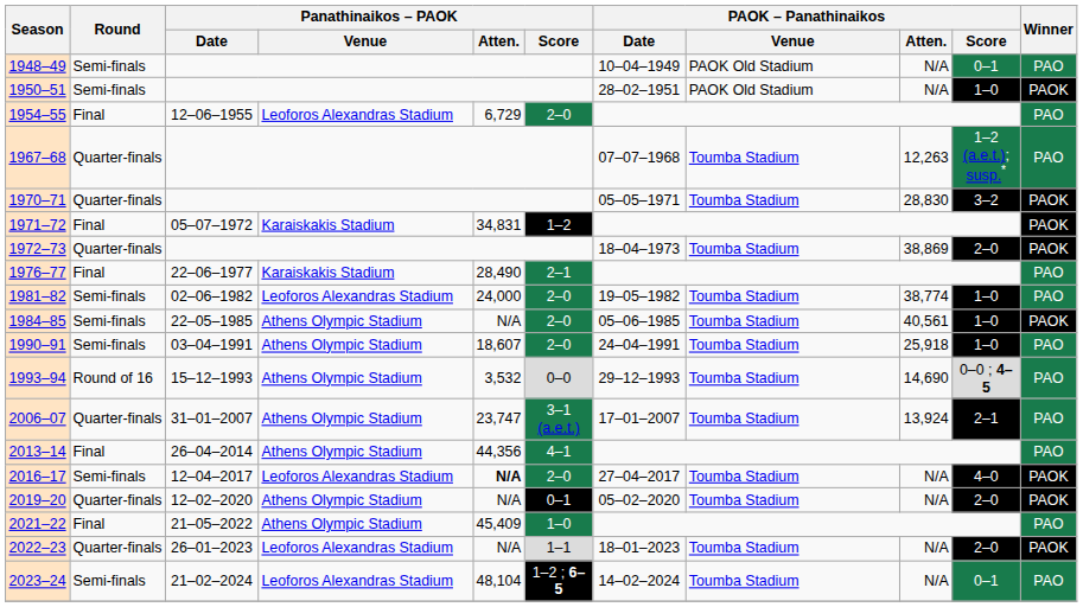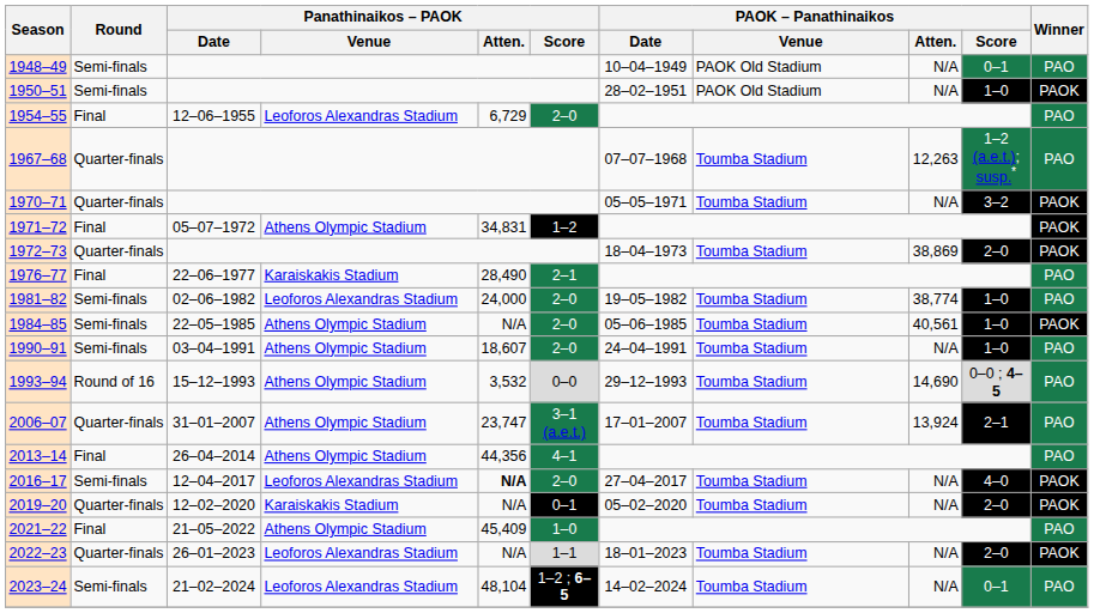 <table class="wikitable" style="text-align: center; font-size: 12px">
 <tr bgcolor=#f5f5f5>
 <th rowspan=2>Season</th>
 <th rowspan=2>Round</th>
 <th colspan=4>Panathinaikos – PAOK</th>
 <th colspan=4>PAOK – Panathinaikos</th>
 <th rowspan=2>Winner</th>
 </tr>
 <tr>
 <th width="70">Date</th>
 <th width="170">Venue</th>
 <th width="30">Atten.</th>
 <th width="50">Score</th>
 <th width="70">Date</th>
 <th width="170">Venue</th>
 <th width="30">Atten.</th>
 <th width="50">Score</th>
 </tr>
 <tr>
 <td bgcolor=#ffe4c4><a href='#'>1948–49</a></td>
 <td align="left">Semi-finals</td>
 <td colspan="4"></td>
 <td>10–04–1949</td>
 <td align="left">PAOK Old Stadium</td>
 <td align="right">N/A</td>
 <td align="center" style="color:white;background:#187B4C">0–1</td>
 <td align="center" style="color:white;background:#187B4C">PAO</td>
 </tr>
 <tr>
 <td bgcolor=#ffe4c4><a href='#'>1950–51</a></td>
 <td align="left">Semi-finals</td>
 <td colspan="4"></td>
 <td>28–02–1951</td>
 <td align="left">PAOK Old Stadium</td>
 <td align="right">N/A</td>
 <td align="center" style="color:white;background:#000000">1–0</td>
 <td align="center" style="color:white;background:#000000">PAOK</td>
 </tr>
 <tr>
 <td bgcolor=#ffe4c4><a href='#'>1954–55</a></td>
 <td align="left">Final</td>
 <td>12–06–1955</td>
 <td align="left"><a href='#'>Leoforos Alexandras Stadium</a></td>
 <td align="right">6,729</td>
 <td align="center" style="color:white;background:#187B4C">2–0</td>
 <td colspan="4"></td>
 <td align="center" style="color:white;background:#187B4C">PAO</td>
 </tr>
 <tr>
 <td bgcolor=#ffe4c4><a href='#'>1967–68</a></td>
 <td align="left">Quarter-finals</td>
 <td colspan="4"></td>
 <td>07–07–1968</td>
 <td align="left"><a href='#'>Toumba Stadium</a></td>
 <td align="right">12,263</td>
 <td align="center" style="color:white;background:#187B4C">1–2 <a href='#'><span>(a.e.t.)</span></a>; <a href='#'><span>susp.</span></a><sup>*</sup></td>
 <td align="center" style="color:white;background:#187B4C">PAO</td>
 </tr>
 <tr>
 <td bgcolor=#ffe4c4><a href='#'>1970–71</a></td>
 <td align="left">Quarter-finals</td>
 <td colspan="4"></td>
 <td>05–05–1971</td>
 <td align="left"><a href='#'>Toumba Stadium</a></td>
-<td align="right">28,830</td>
+<td align="right">N/A</td>
 <td align="center" style="color:white;background:#000000">3–2</td>
 <td align="center" style="color:white;background:#000000">PAOK</td>
 </tr>
 <tr>
 <td bgcolor=#ffe4c4><a href='#'>1971–72</a></td>
 <td align="left">Final</td>
 <td>05–07–1972</td>
-<td align="left"><a href='#'>Karaiskakis Stadium</a></td>
+<td align="left"><a href='#'>Athens Olympic Stadium</a></td>
 <td align="right">34,831</td>
 <td align="center" style="color:white;background:#000000">1–2</td>
 <td colspan="4"></td>
 <td align="center" style="color:white;background:#000000">PAOK</td>
 </tr>
 <tr>
 <td bgcolor=#ffe4c4><a href='#'>1972–73</a></td>
 <td align="left">Quarter-finals</td>
 <td colspan="4"></td>
 <td>18–04–1973</td>
 <td align="left"><a href='#'>Toumba Stadium</a></td>
 <td align="right">38,869</td>
 <td align="center" style="color:white;background:#000000">2–0</td>
 <td align="center" style="color:white;background:#000000">PAOK</td>
 </tr>
 <tr>
 <td bgcolor=#ffe4c4><a href='#'>1976–77</a></td>
 <td align="left">Final</td>
 <td>22–06–1977</td>
 <td align="left"><a href='#'>Karaiskakis Stadium</a></td>
 <td align="right">28,490</td>
 <td align="center" style="color:white;background:#187B4C">2–1</td>
 <td colspan="4"></td>
 <td align="center" style="color:white;background:#187B4C">PAO</td>
 </tr>
 <tr>
 <td bgcolor=#ffe4c4><a href='#'>1981–82</a></td>
 <td align="left">Semi-finals</td>
 <td>02–06–1982</td>
 <td align="left"><a href='#'>Leoforos Alexandras Stadium</a></td>
 <td align="right">24,000</td>
 <td align="center" style="color:white;background:#187B4C">2–0</td>
 <td>19–05–1982</td>
 <td align="left"><a href='#'>Toumba Stadium</a></td>
 <td align="right">38,774</td>
 <td align="center" style="color:white;background:#000000">1–0</td>
 <td align="center" style="color:white;background:#187B4C">PAO</td>
 </tr>
 <tr>
 <td bgcolor=#ffe4c4><a href='#'>1984–85</a></td>
 <td align="left">Semi-finals</td>
 <td>22–05–1985</td>
 <td align="left"><a href='#'>Athens Olympic Stadium</a></td>
 <td align="right">N/A</td>
 <td align="center" style="color:white;background:#187B4C">2–0</td>
 <td>05–06–1985</td>
 <td align="left"><a href='#'>Toumba Stadium</a></td>
 <td align="right">40,561</td>
 <td align="center" style="color:white;background:#000000">1–0</td>
 <td align="center" style="color:white;background:#000000">PAOK</td>
 </tr>
 <tr>
 <td bgcolor=#ffe4c4><a href='#'>1990–91</a></td>
 <td align="left">Semi-finals</td>
 <td>03–04–1991</td>
 <td align="left"><a href='#'>Athens Olympic Stadium</a></td>
 <td align="right">18,607</td>
 <td align="center" style="color:white;background:#187B4C">2–0</td>
 <td>24–04–1991</td>
 <td align="left"><a href='#'>Toumba Stadium</a></td>
-<td align="right">25,918</td>
+<td align="right">N/A</td>
 <td align="center" style="color:white;background:#000000">1–0</td>
 <td align="center" style="color:white;background:#187B4C">PAO</td>
 </tr>
 <tr>
 <td bgcolor=#ffe4c4><a href='#'>1993–94</a></td>
 <td align="left">Round of 16</td>
 <td>15–12–1993</td>
 <td align="left"><a href='#'>Athens Olympic Stadium</a></td>
 <td align="right">3,532</td>
 <td align="center" bgcolor=#dcdcdc>0–0</td>
 <td>29–12–1993</td>
 <td align="left"><a href='#'>Toumba Stadium</a></td>
 <td align="right">14,690</td>
 <td align="center" bgcolor=#dcdcdc>0–0 ; <strong>4–5</strong> </td>
 <td align="center" style="color:white;background:#187B4C">PAO</td>
 </tr>
 <tr>
 <td bgcolor=#ffe4c4><a href='#'>2006–07</a></td>
 <td align="left">Quarter-finals</td>
 <td>31–01–2007</td>
 <td align="left"><a href='#'>Athens Olympic Stadium</a></td>
 <td align="right">23,747</td>
 <td align="center" style="color:white;background:#187B4C">3–1 <a href='#'><span>(a.e.t.)</span></a></td>
 <td>17–01–2007</td>
 <td align="left"><a href='#'>Toumba Stadium</a></td>
 <td align="right">13,924</td>
 <td align="center" style="color:white;background:#000000">2–1</td>
 <td align="center" style="color:white;background:#187B4C">PAO</td>
 </tr>
 <tr>
 <td bgcolor=#ffe4c4><a href='#'>2013–14</a></td>
 <td align="left">Final</td>
 <td>26–04–2014</td>
 <td align="left"><a href='#'>Athens Olympic Stadium</a></td>
 <td align="right">44,356</td>
 <td align="center" style="color:white;background:#187B4C">4–1</td>
 <td colspan="4"></td>
 <td align="center" style="color:white;background:#187B4C">PAO</td>
 </tr>
 <tr>
 <td bgcolor=#ffe4c4><a href='#'>2016–17</a></td>
 <td align="left">Semi-finals</td>
 <td>12–04–2017</td>
 <td align="left"><a href='#'>Leoforos Alexandras Stadium</a></td>
 <td align="right"><strong>N/A</strong></td>
 <td align="center" style="color:white;background:#187B4C">2–0</td>
 <td>27–04–2017</td>
 <td align="left"><a href='#'>Toumba Stadium</a></td>
 <td align="right">N/A</td>
 <td align="center" style="color:white;background:#000000">4–0</td>
 <td align="center" style="color:white;background:#000000">PAOK</td>
 </tr>
 <tr>
 <td bgcolor=#ffe4c4><a href='#'>2019–20</a></td>
 <td align="left">Quarter-finals</td>
 <td>12–02–2020</td>
-<td align="left"><a href='#'>Athens Olympic Stadium</a></td>
+<td align="left"><a href='#'>Karaiskakis Stadium</a></td>
 <td align="right">N/A</td>
 <td align="center" style="color:white;background:#000000">0–1</td>
 <td>05–02–2020</td>
 <td align="left"><a href='#'>Toumba Stadium</a></td>
 <td align="right">N/A</td>
 <td align="center" style="color:white;background:#000000">2–0</td>
 <td align="center" style="color:white;background:#000000">PAOK</td>
 </tr>
 <tr>
 <td bgcolor=#ffe4c4><a href='#'>2021–22</a></td>
 <td align="left">Final</td>
 <td>21–05–2022</td>
 <td align="left"><a href='#'>Athens Olympic Stadium</a></td>
 <td align="right">45,409</td>
 <td align="center" style="color:white;background:#187B4C">1–0</td>
 <td colspan="4"></td>
 <td align="center" style="color:white;background:#187B4C">PAO</td>
 </tr>
 <tr>
 <td bgcolor=#ffe4c4><a href='#'>2022–23</a></td>
 <td align="left">Quarter-finals</td>
 <td>26–01–2023</td>
 <td align="left"><a href='#'>Leoforos Alexandras Stadium</a></td>
 <td align="right">N/A</td>
 <td align="center" bgcolor=#dcdcdc>1–1</td>
 <td>18–01–2023</td>
 <td align="left"><a href='#'>Toumba Stadium</a></td>
 <td align="right">N/A</td>
 <td align="center" style="color:white;background:#000000">2–0</td>
 <td align="center" style="color:white;background:#000000">PAOK</td>
 </tr>
 <tr>
 <td bgcolor=#ffe4c4><a href='#'>2023–24</a></td>
 <td align="left">Semi-finals</td>
 <td>21–02–2024</td>
 <td align="left"><a href='#'>Leoforos Alexandras Stadium</a></td>
 <td align="right">48,104</td>
 <td align="center" style="color:white;background:#000000">1–2 ; <strong>6–5</strong> </td>
 <td>14–02–2024</td>
 <td align="left"><a href='#'>Toumba Stadium</a></td>
 <td align="right">N/A</td>
 <td align="center" style="color:white;background:#187B4C">0–1</td>
 <td align="center" style="color:white;background:#187B4C">PAO</td>
 </tr>
 <tr>
 </tr>
 </table>
